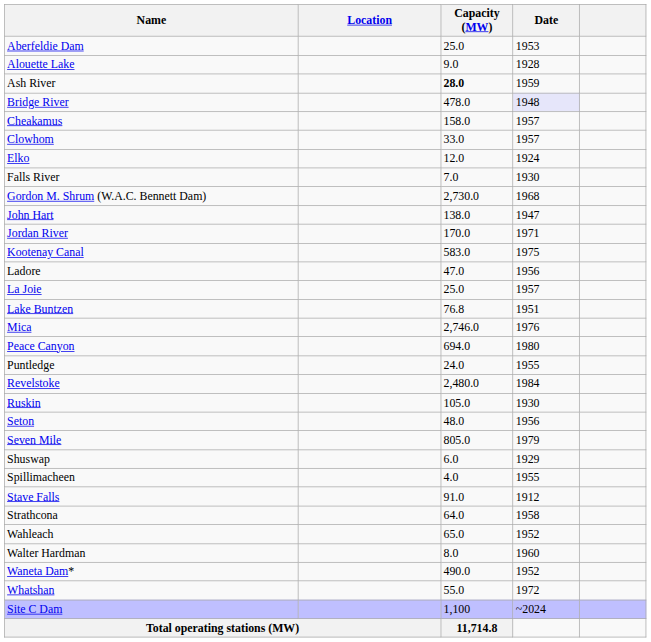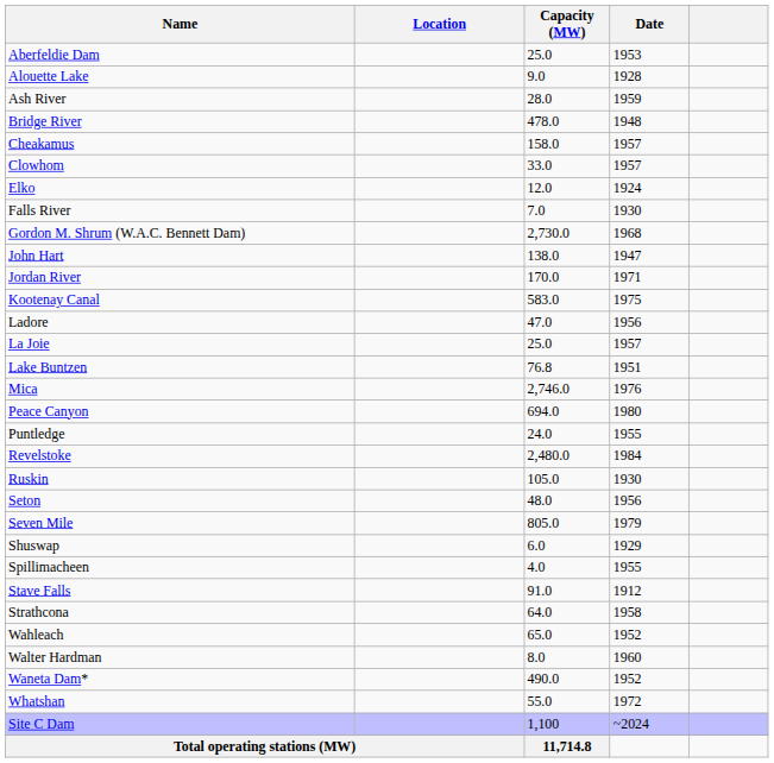 <table class="wikitable sortable">
 <tr>
 <th width="31%">Name</th>
 <th width="15%"><a href='#'>Location</a></th>
 <th width="7%" data-sort-type="number">Capacity (<a href='#'>MW</a>)</th>
 <th width="7%">Date</th>
 <th width="7%"></th>
 </tr>
 <tr>
 <td><a href='#'>Aberfeldie Dam</a></td>
 <td></td>
 <td>25.0</td>
 <td>1953</td>
 <td></td>
 </tr>
 <tr>
 <td><a href='#'>Alouette Lake</a></td>
 <td></td>
 <td>9.0</td>
 <td>1928</td>
 <td></td>
 </tr>
 <tr>
 <td>Ash River</td>
 <td></td>
-<td><strong>28.0</strong></td>
+<td>28.0</td>
 <td>1959</td>
 <td></td>
 </tr>
 <tr>
 <td><a href='#'>Bridge River</a></td>
 <td></td>
 <td>478.0</td>
-<td style="background: lavender;">1948</td>
+<td>1948</td>
 <td></td>
 </tr>
 <tr>
 <td><a href='#'>Cheakamus</a></td>
 <td></td>
 <td>158.0</td>
 <td>1957</td>
 <td></td>
 </tr>
 <tr>
 <td><a href='#'>Clowhom</a></td>
 <td></td>
 <td>33.0</td>
 <td>1957</td>
 <td></td>
 </tr>
 <tr>
 <td><a href='#'>Elko</a></td>
 <td></td>
 <td>12.0</td>
 <td>1924</td>
 <td></td>
 </tr>
 <tr>
 <td>Falls River</td>
 <td></td>
 <td>7.0</td>
 <td>1930</td>
 <td></td>
 </tr>
 <tr>
 <td><a href='#'>Gordon M. Shrum</a> (W.A.C. Bennett Dam)</td>
 <td></td>
 <td>2,730.0</td>
 <td>1968</td>
 <td></td>
 </tr>
 <tr>
 <td><a href='#'>John Hart</a></td>
 <td></td>
 <td>138.0</td>
 <td>1947</td>
 <td></td>
 </tr>
 <tr>
 <td><a href='#'>Jordan River</a></td>
 <td></td>
 <td>170.0</td>
 <td>1971</td>
 <td></td>
 </tr>
 <tr>
 <td><a href='#'>Kootenay Canal</a></td>
 <td></td>
 <td>583.0</td>
 <td>1975</td>
 <td></td>
 </tr>
 <tr>
 <td>Ladore</td>
 <td></td>
 <td>47.0</td>
 <td>1956</td>
 <td></td>
 </tr>
 <tr>
 <td><a href='#'>La Joie</a></td>
 <td></td>
 <td>25.0</td>
 <td>1957</td>
 <td></td>
 </tr>
 <tr>
 <td><a href='#'>Lake Buntzen</a></td>
 <td></td>
 <td>76.8</td>
 <td>1951</td>
 <td></td>
 </tr>
 <tr>
 <td><a href='#'>Mica</a></td>
 <td></td>
 <td>2,746.0</td>
 <td>1976</td>
 <td></td>
 </tr>
 <tr>
 <td><a href='#'>Peace Canyon</a></td>
 <td></td>
 <td>694.0</td>
 <td>1980</td>
 <td></td>
 </tr>
 <tr>
 <td>Puntledge</td>
 <td></td>
 <td>24.0</td>
 <td>1955</td>
 <td></td>
 </tr>
 <tr>
 <td><a href='#'>Revelstoke</a></td>
 <td></td>
 <td>2,480.0</td>
 <td>1984</td>
 <td></td>
 </tr>
 <tr>
 <td><a href='#'>Ruskin</a></td>
 <td></td>
 <td>105.0</td>
 <td>1930</td>
 <td></td>
 </tr>
 <tr>
 <td><a href='#'>Seton</a></td>
 <td></td>
 <td>48.0</td>
 <td>1956</td>
 <td></td>
 </tr>
 <tr>
 <td><a href='#'>Seven Mile</a></td>
 <td></td>
 <td>805.0</td>
 <td>1979</td>
 <td></td>
 </tr>
 <tr>
 <td>Shuswap</td>
 <td></td>
 <td>6.0</td>
 <td>1929</td>
 <td></td>
 </tr>
 <tr>
 <td>Spillimacheen</td>
 <td></td>
 <td>4.0</td>
 <td>1955</td>
 <td></td>
 </tr>
 <tr>
 <td><a href='#'>Stave Falls</a></td>
 <td></td>
 <td>91.0</td>
 <td>1912</td>
 <td></td>
 </tr>
 <tr>
 <td>Strathcona</td>
 <td></td>
 <td>64.0</td>
 <td>1958</td>
 <td></td>
 </tr>
 <tr>
 <td>Wahleach</td>
 <td></td>
 <td>65.0</td>
 <td>1952</td>
 <td></td>
 </tr>
 <tr>
 <td>Walter Hardman</td>
 <td></td>
 <td>8.0</td>
 <td>1960</td>
 <td></td>
 </tr>
 <tr>
 <td><a href='#'>Waneta Dam</a>*</td>
 <td></td>
 <td>490.0</td>
 <td>1952</td>
 <td></td>
 </tr>
 <tr>
 <td><a href='#'>Whatshan</a></td>
 <td></td>
 <td>55.0</td>
 <td>1972</td>
 <td></td>
 </tr>
 <tr bgcolor=#BFBFFF>
 <td><a href='#'>Site C Dam</a></td>
 <td></td>
 <td>1,100</td>
 <td>~2024</td>
 <td></td>
 </tr>
 <tr class="sortbottom">
 <th colspan=2>Total operating stations (MW)</th>
 <th>11,714.8</th>
 <td></td>
 </tr>
 </table>
